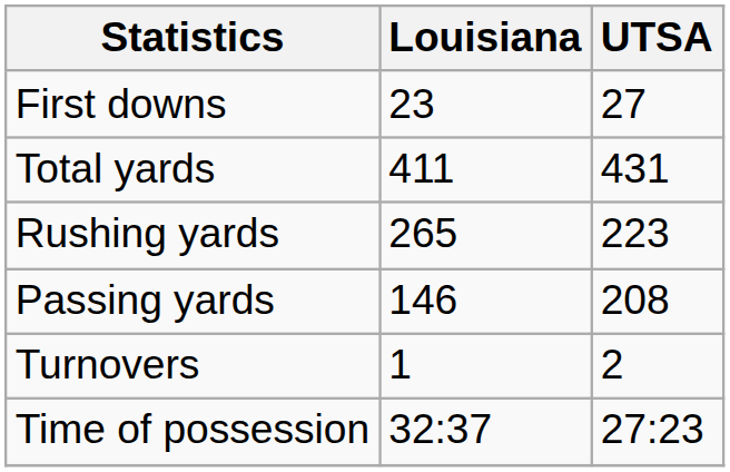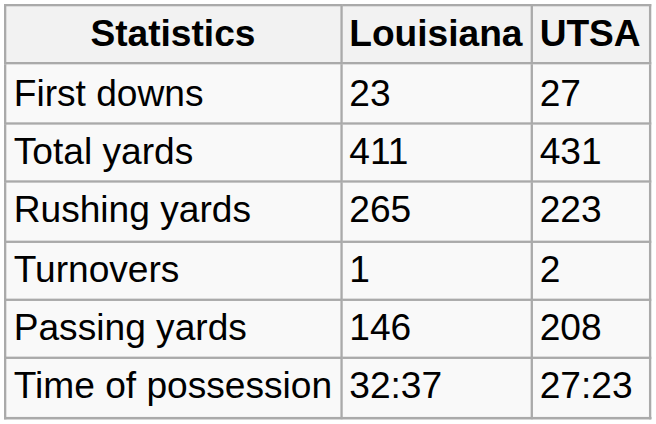 <table class="wikitable">
 <tr>
 <th>Statistics</th>
 <th>Louisiana</th>
 <th>UTSA</th>
 </tr>
 <tr>
 <td>First downs</td>
 <td>23</td>
 <td>27</td>
 </tr>
 <tr>
 <td>Total yards</td>
 <td>411</td>
 <td>431</td>
 </tr>
 <tr>
 <td>Rushing yards</td>
 <td>265</td>
 <td>223</td>
 </tr>
 <tr>
+<td>Turnovers</td>
+<td>1</td>
+<td>2</td>
+</tr>
+<tr>
 <td>Passing yards</td>
 <td>146</td>
 <td>208</td>
-</tr>
-<tr>
-<td>Turnovers</td>
-<td>1</td>
-<td>2</td>
 </tr>
 <tr>
 <td>Time of possession</td>
 <td>32:37</td>
 <td>27:23</td>
 </tr>
 <tr>
 </tr>
 </table>
